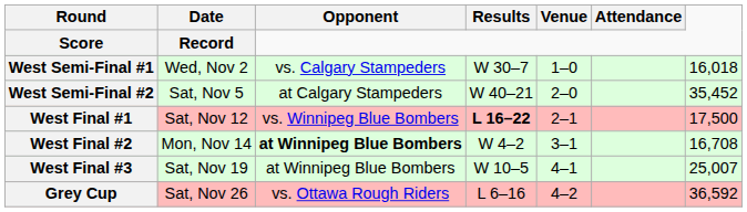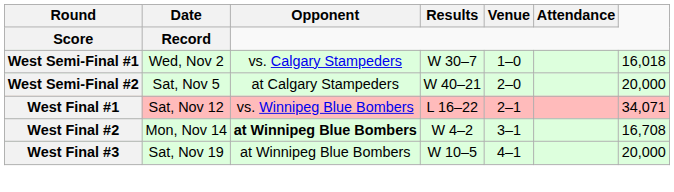 <table class="wikitable" style="text-align:center">
 <tr>
 <th>Round</th>
 <th>Date</th>
 <th>Opponent</th>
 <th>Results</th>
 <th>Venue</th>
 <th>Attendance</th>
 </tr>
 <tr>
 <th>Score</th>
 <th>Record</th>
 </tr>
 <tr style="background:#ddffdd">
 <th>West Semi-Final #1</th>
 <td>Wed, Nov 2</td>
 <td>vs. <a href='#'>Calgary Stampeders</a></td>
 <td>W 30–7</td>
 <td>1–0</td>
 <td></td>
 <td>16,018</td>
 </tr>
 <tr style="background:#ddffdd">
 <th>West Semi-Final #2</th>
 <td>Sat, Nov 5</td>
 <td>at Calgary Stampeders</td>
 <td>W 40–21</td>
 <td>2–0</td>
 <td></td>
-<td>35,452</td>
+<td>20,000</td>
 </tr>
 <tr style="background:#ffbbbb">
 <th>West Final #1</th>
 <td>Sat, Nov 12</td>
 <td>vs. <a href='#'>Winnipeg Blue Bombers</a></td>
-<td><strong>L 16–22</strong></td>
+<td>L 16–22</td>
 <td>2–1</td>
 <td></td>
-<td>17,500</td>
+<td>34,071</td>
 </tr>
 <tr style="background:#ddffdd">
 <th>West Final #2</th>
 <td>Mon, Nov 14</td>
 <td><strong>at Winnipeg Blue Bombers</strong></td>
 <td>W 4–2</td>
 <td>3–1</td>
 <td></td>
 <td>16,708</td>
 </tr>
 <tr style="background:#ddffdd">
 <th>West Final #3</th>
 <td>Sat, Nov 19</td>
 <td>at Winnipeg Blue Bombers</td>
 <td>W 10–5</td>
 <td>4–1</td>
 <td></td>
-<td>25,007</td>
-</tr>
-<tr style="background:#ffbbbb">
-<th>Grey Cup</th>
-<td>Sat, Nov 26</td>
-<td>vs. <a href='#'>Ottawa Rough Riders</a></td>
-<td>L 6–16</td>
-<td>4–2</td>
-<td></td>
-<td>36,592</td>
+<td>20,000</td>
 </tr>
 </table>
